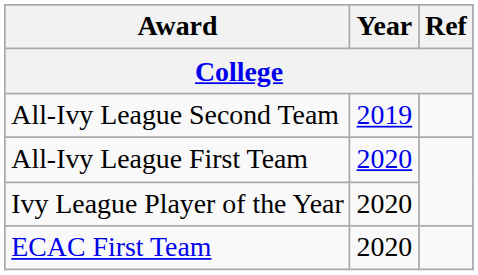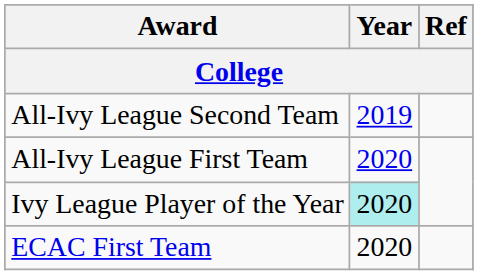 <table class="wikitable">
 <tr>
 <th>Award</th>
 <th>Year</th>
 <th>Ref</th>
 </tr>
 <tr>
 <th colspan="3"><a href='#'>College</a></th>
 </tr>
 <tr>
 <td>All-Ivy League Second Team</td>
 <td><a href='#'>2019</a></td>
 <td></td>
 </tr>
 <tr>
 <td>All-Ivy League First Team</td>
 <td><a href='#'>2020</a></td>
 <td rowspan="2"></td>
 </tr>
 <tr>
 <td>Ivy League Player of the Year</td>
-<td>2020</td>
+<td style="background: paleturquoise;">2020</td>
 </tr>
 <tr>
 <td><a href='#'>ECAC First Team</a></td>
 <td>2020</td>
 <td></td>
 </tr>
 </table>
